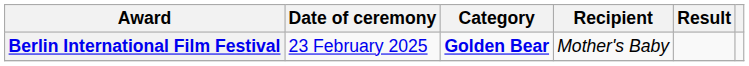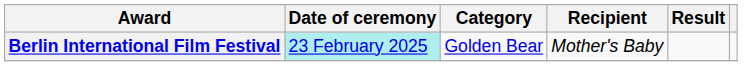 <table class="wikitable sortable plainrowheaders">
 <tr>
 <th>Award</th>
 <th>Date of ceremony</th>
 <th>Category</th>
 <th>Recipient</th>
 <th>Result</th>
 <th></th>
 </tr>
 <tr>
 <th scope="row" rowspan="1"><a href='#'>Berlin International Film Festival</a></th>
-<td rowspan="1"><a href='#'>23 February 2025</a></td>
-<td><strong><a href='#'>Golden Bear</a></strong></td>
+<td rowspan="1" style="background: paleturquoise;"><a href='#'>23 February 2025</a></td>
+<td><a href='#'>Golden Bear</a></td>
 <td><em>Mother's Baby</em></td>
 <td></td>
 <td align="center"></td>
 </tr>
 <tr>
 </tr>
 </table>
